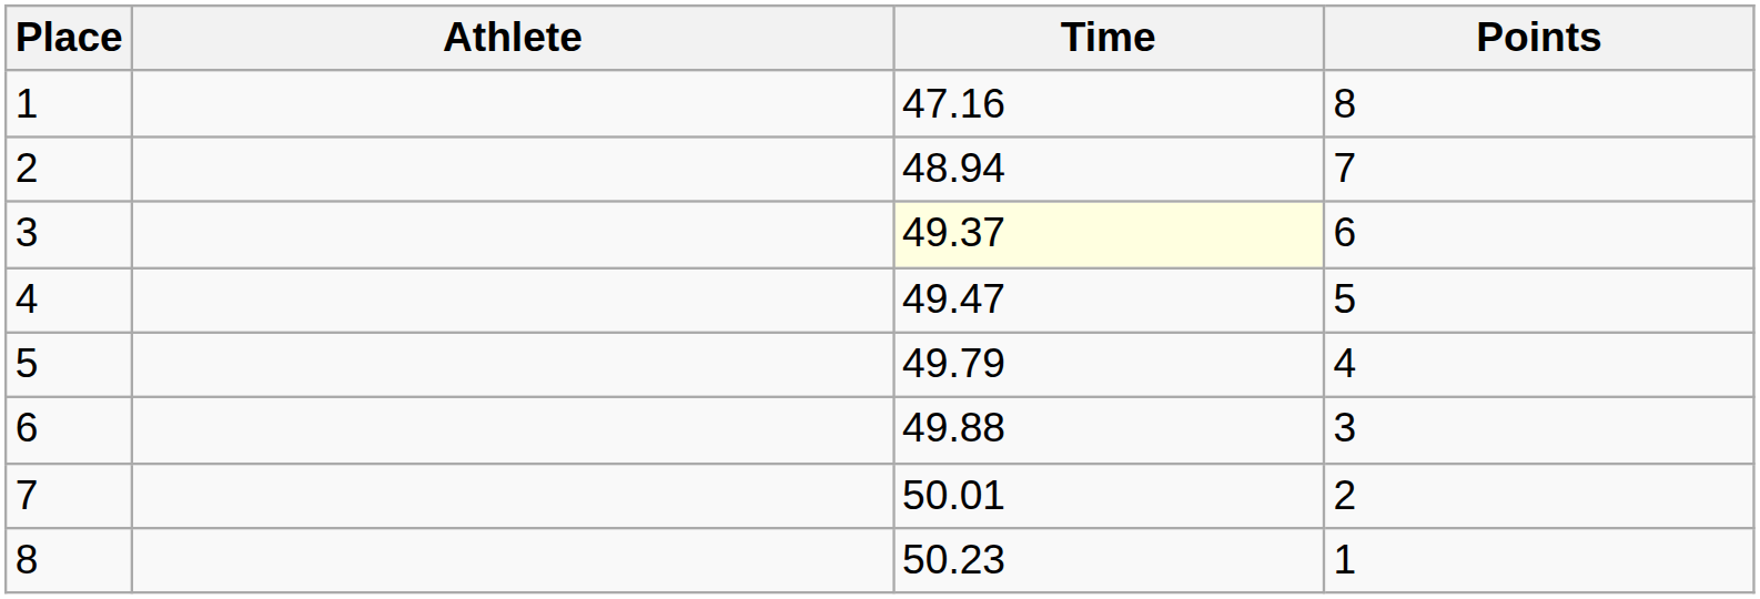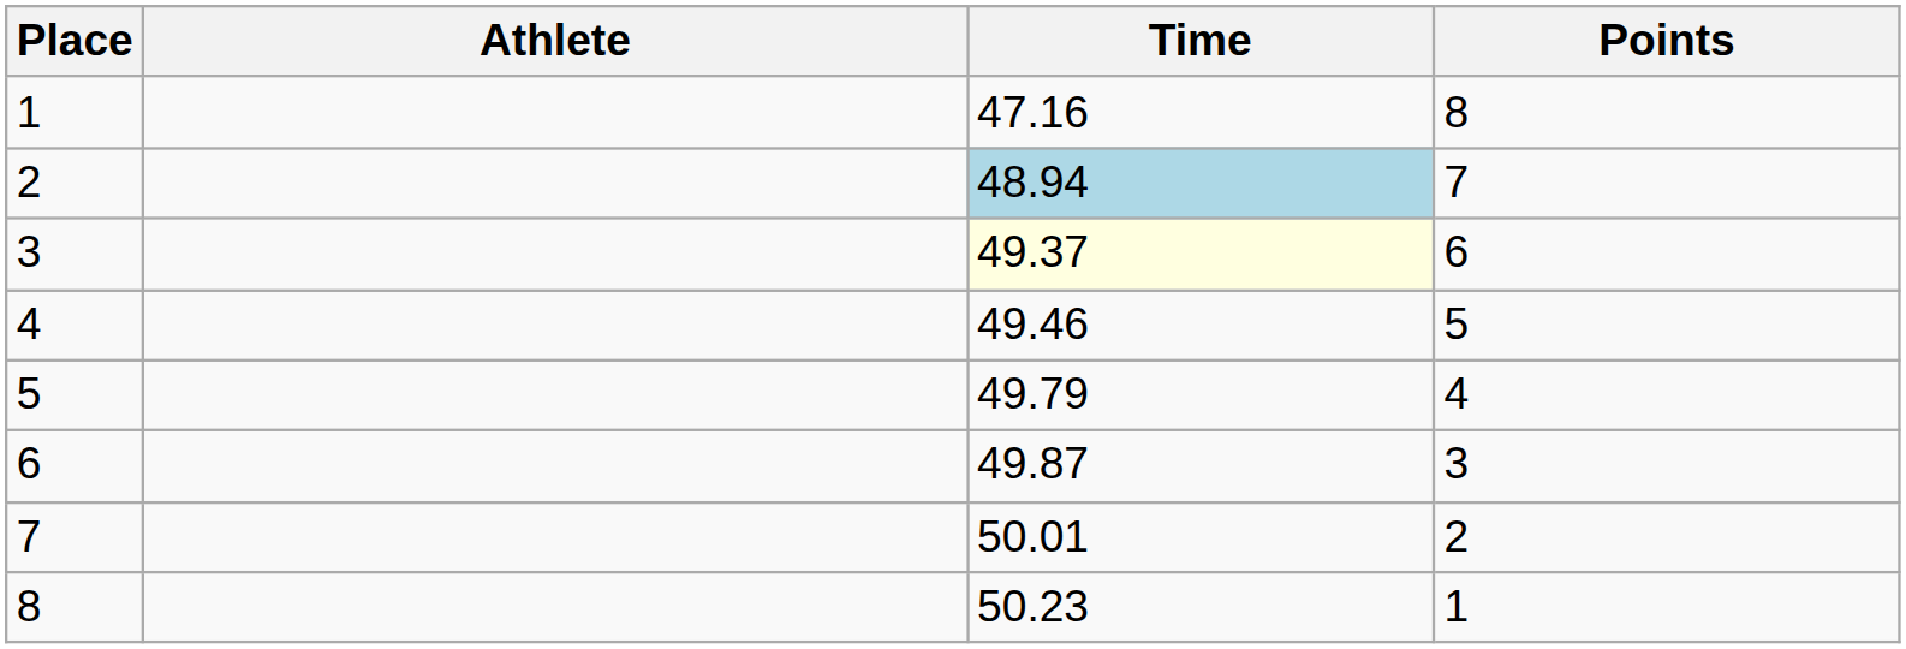 <table class=wikitable>
 <tr>
 <th>Place</th>
 <th style="width:18em">Athlete</th>
 <th style="width:10em">Time</th>
 <th style="width:10em">Points</th>
 </tr>
 <tr>
 <td>1</td>
 <td></td>
 <td>47.16  </td>
 <td>8</td>
 </tr>
 <tr>
 <td>2</td>
 <td></td>
-<td>48.94</td>
+<td style="background: lightblue;">48.94</td>
 <td>7</td>
 </tr>
 <tr>
 <td>3</td>
 <td></td>
 <td style="background: lightyellow;">49.37</td>
 <td>6</td>
 </tr>
 <tr>
 <td>4</td>
 <td></td>
-<td>49.47</td>
+<td>49.46</td>
 <td>5</td>
 </tr>
 <tr>
 <td>5</td>
 <td></td>
 <td>49.79</td>
 <td>4</td>
 </tr>
 <tr>
 <td>6</td>
 <td></td>
-<td>49.88</td>
+<td>49.87</td>
 <td>3</td>
 </tr>
 <tr>
 <td>7</td>
 <td></td>
 <td>50.01</td>
 <td>2</td>
 </tr>
 <tr>
 <td>8</td>
 <td></td>
 <td>50.23</td>
 <td>1</td>
 </tr>
 </table>
